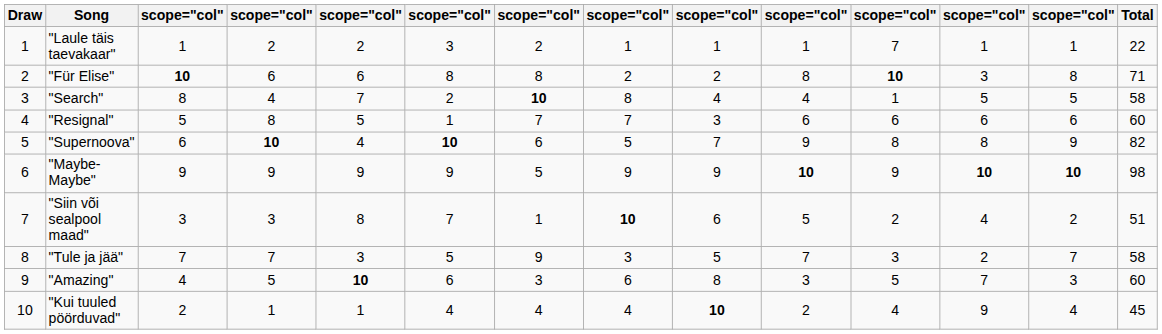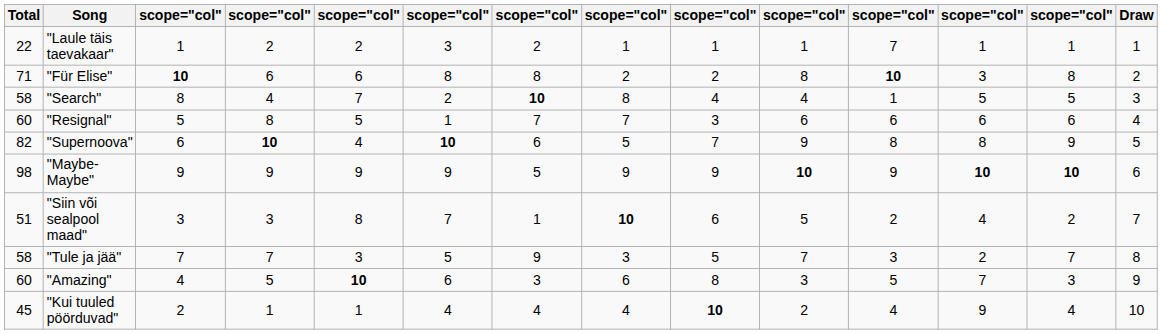 <table class="wikitable collapsible" style="margin: 1em auto 1em auto; text-align:center;">
 <tr>
-<th>Draw</th>
+<th>Total</th>
 <th>Song</th>
 <th>scope="col" </th>
 <th>scope="col" </th>
 <th>scope="col" </th>
 <th>scope="col" </th>
 <th>scope="col" </th>
 <th>scope="col" </th>
 <th>scope="col" </th>
 <th>scope="col" </th>
 <th>scope="col" </th>
 <th>scope="col" </th>
 <th>scope="col" </th>
-<th>Total</th>
+<th>Draw</th>
 </tr>
 <tr>
-<td>1</td>
+<td>22</td>
 <td align="left">"Laule täis taevakaar"</td>
 <td>1</td>
 <td>2</td>
 <td>2</td>
 <td>3</td>
 <td>2</td>
 <td>1</td>
 <td>1</td>
 <td>1</td>
 <td>7</td>
 <td>1</td>
 <td>1</td>
-<td>22</td>
+<td>1</td>
 </tr>
 <tr>
-<td>2</td>
+<td>71</td>
 <td align="left">"Für Elise"</td>
 <td><strong>10</strong></td>
 <td>6</td>
 <td>6</td>
 <td>8</td>
 <td>8</td>
 <td>2</td>
 <td>2</td>
 <td>8</td>
 <td><strong>10</strong></td>
 <td>3</td>
 <td>8</td>
-<td>71</td>
+<td>2</td>
 </tr>
 <tr>
-<td>3</td>
+<td>58</td>
 <td align="left">"Search"</td>
 <td>8</td>
 <td>4</td>
 <td>7</td>
 <td>2</td>
 <td><strong>10</strong></td>
 <td>8</td>
 <td>4</td>
 <td>4</td>
 <td>1</td>
 <td>5</td>
 <td>5</td>
-<td>58</td>
+<td>3</td>
 </tr>
 <tr>
-<td>4</td>
+<td>60</td>
 <td align="left">"Resignal"</td>
 <td>5</td>
 <td>8</td>
 <td>5</td>
 <td>1</td>
 <td>7</td>
 <td>7</td>
 <td>3</td>
 <td>6</td>
 <td>6</td>
 <td>6</td>
 <td>6</td>
-<td>60</td>
+<td>4</td>
 </tr>
 <tr>
-<td>5</td>
+<td>82</td>
 <td align="left">"Supernoova"</td>
 <td>6</td>
 <td><strong>10</strong></td>
 <td>4</td>
 <td><strong>10</strong></td>
 <td>6</td>
 <td>5</td>
 <td>7</td>
 <td>9</td>
 <td>8</td>
 <td>8</td>
 <td>9</td>
-<td>82</td>
+<td>5</td>
 </tr>
 <tr>
-<td>6</td>
+<td>98</td>
 <td align="left">"Maybe-Maybe"</td>
 <td>9</td>
 <td>9</td>
 <td>9</td>
 <td>9</td>
 <td>5</td>
 <td>9</td>
 <td>9</td>
 <td><strong>10</strong></td>
 <td>9</td>
 <td><strong>10</strong></td>
 <td><strong>10</strong></td>
-<td>98</td>
+<td>6</td>
 </tr>
 <tr>
-<td>7</td>
+<td>51</td>
 <td align="left">"Siin või sealpool maad"</td>
 <td>3</td>
 <td>3</td>
 <td>8</td>
 <td>7</td>
 <td>1</td>
 <td><strong>10</strong></td>
 <td>6</td>
 <td>5</td>
 <td>2</td>
 <td>4</td>
 <td>2</td>
-<td>51</td>
+<td>7</td>
 </tr>
 <tr>
-<td>8</td>
+<td>58</td>
 <td align="left">"Tule ja jää"</td>
 <td>7</td>
 <td>7</td>
 <td>3</td>
 <td>5</td>
 <td>9</td>
 <td>3</td>
 <td>5</td>
 <td>7</td>
 <td>3</td>
 <td>2</td>
 <td>7</td>
-<td>58</td>
+<td>8</td>
 </tr>
 <tr>
-<td>9</td>
+<td>60</td>
 <td align="left">"Amazing"</td>
 <td>4</td>
 <td>5</td>
 <td><strong>10</strong></td>
 <td>6</td>
 <td>3</td>
 <td>6</td>
 <td>8</td>
 <td>3</td>
 <td>5</td>
 <td>7</td>
 <td>3</td>
-<td>60</td>
+<td>9</td>
 </tr>
 <tr>
-<td>10</td>
+<td>45</td>
 <td align="left">"Kui tuuled pöörduvad"</td>
 <td>2</td>
 <td>1</td>
 <td>1</td>
 <td>4</td>
 <td>4</td>
 <td>4</td>
 <td><strong>10</strong></td>
 <td>2</td>
 <td>4</td>
 <td>9</td>
 <td>4</td>
-<td>45</td>
+<td>10</td>
 </tr>
 </table>
